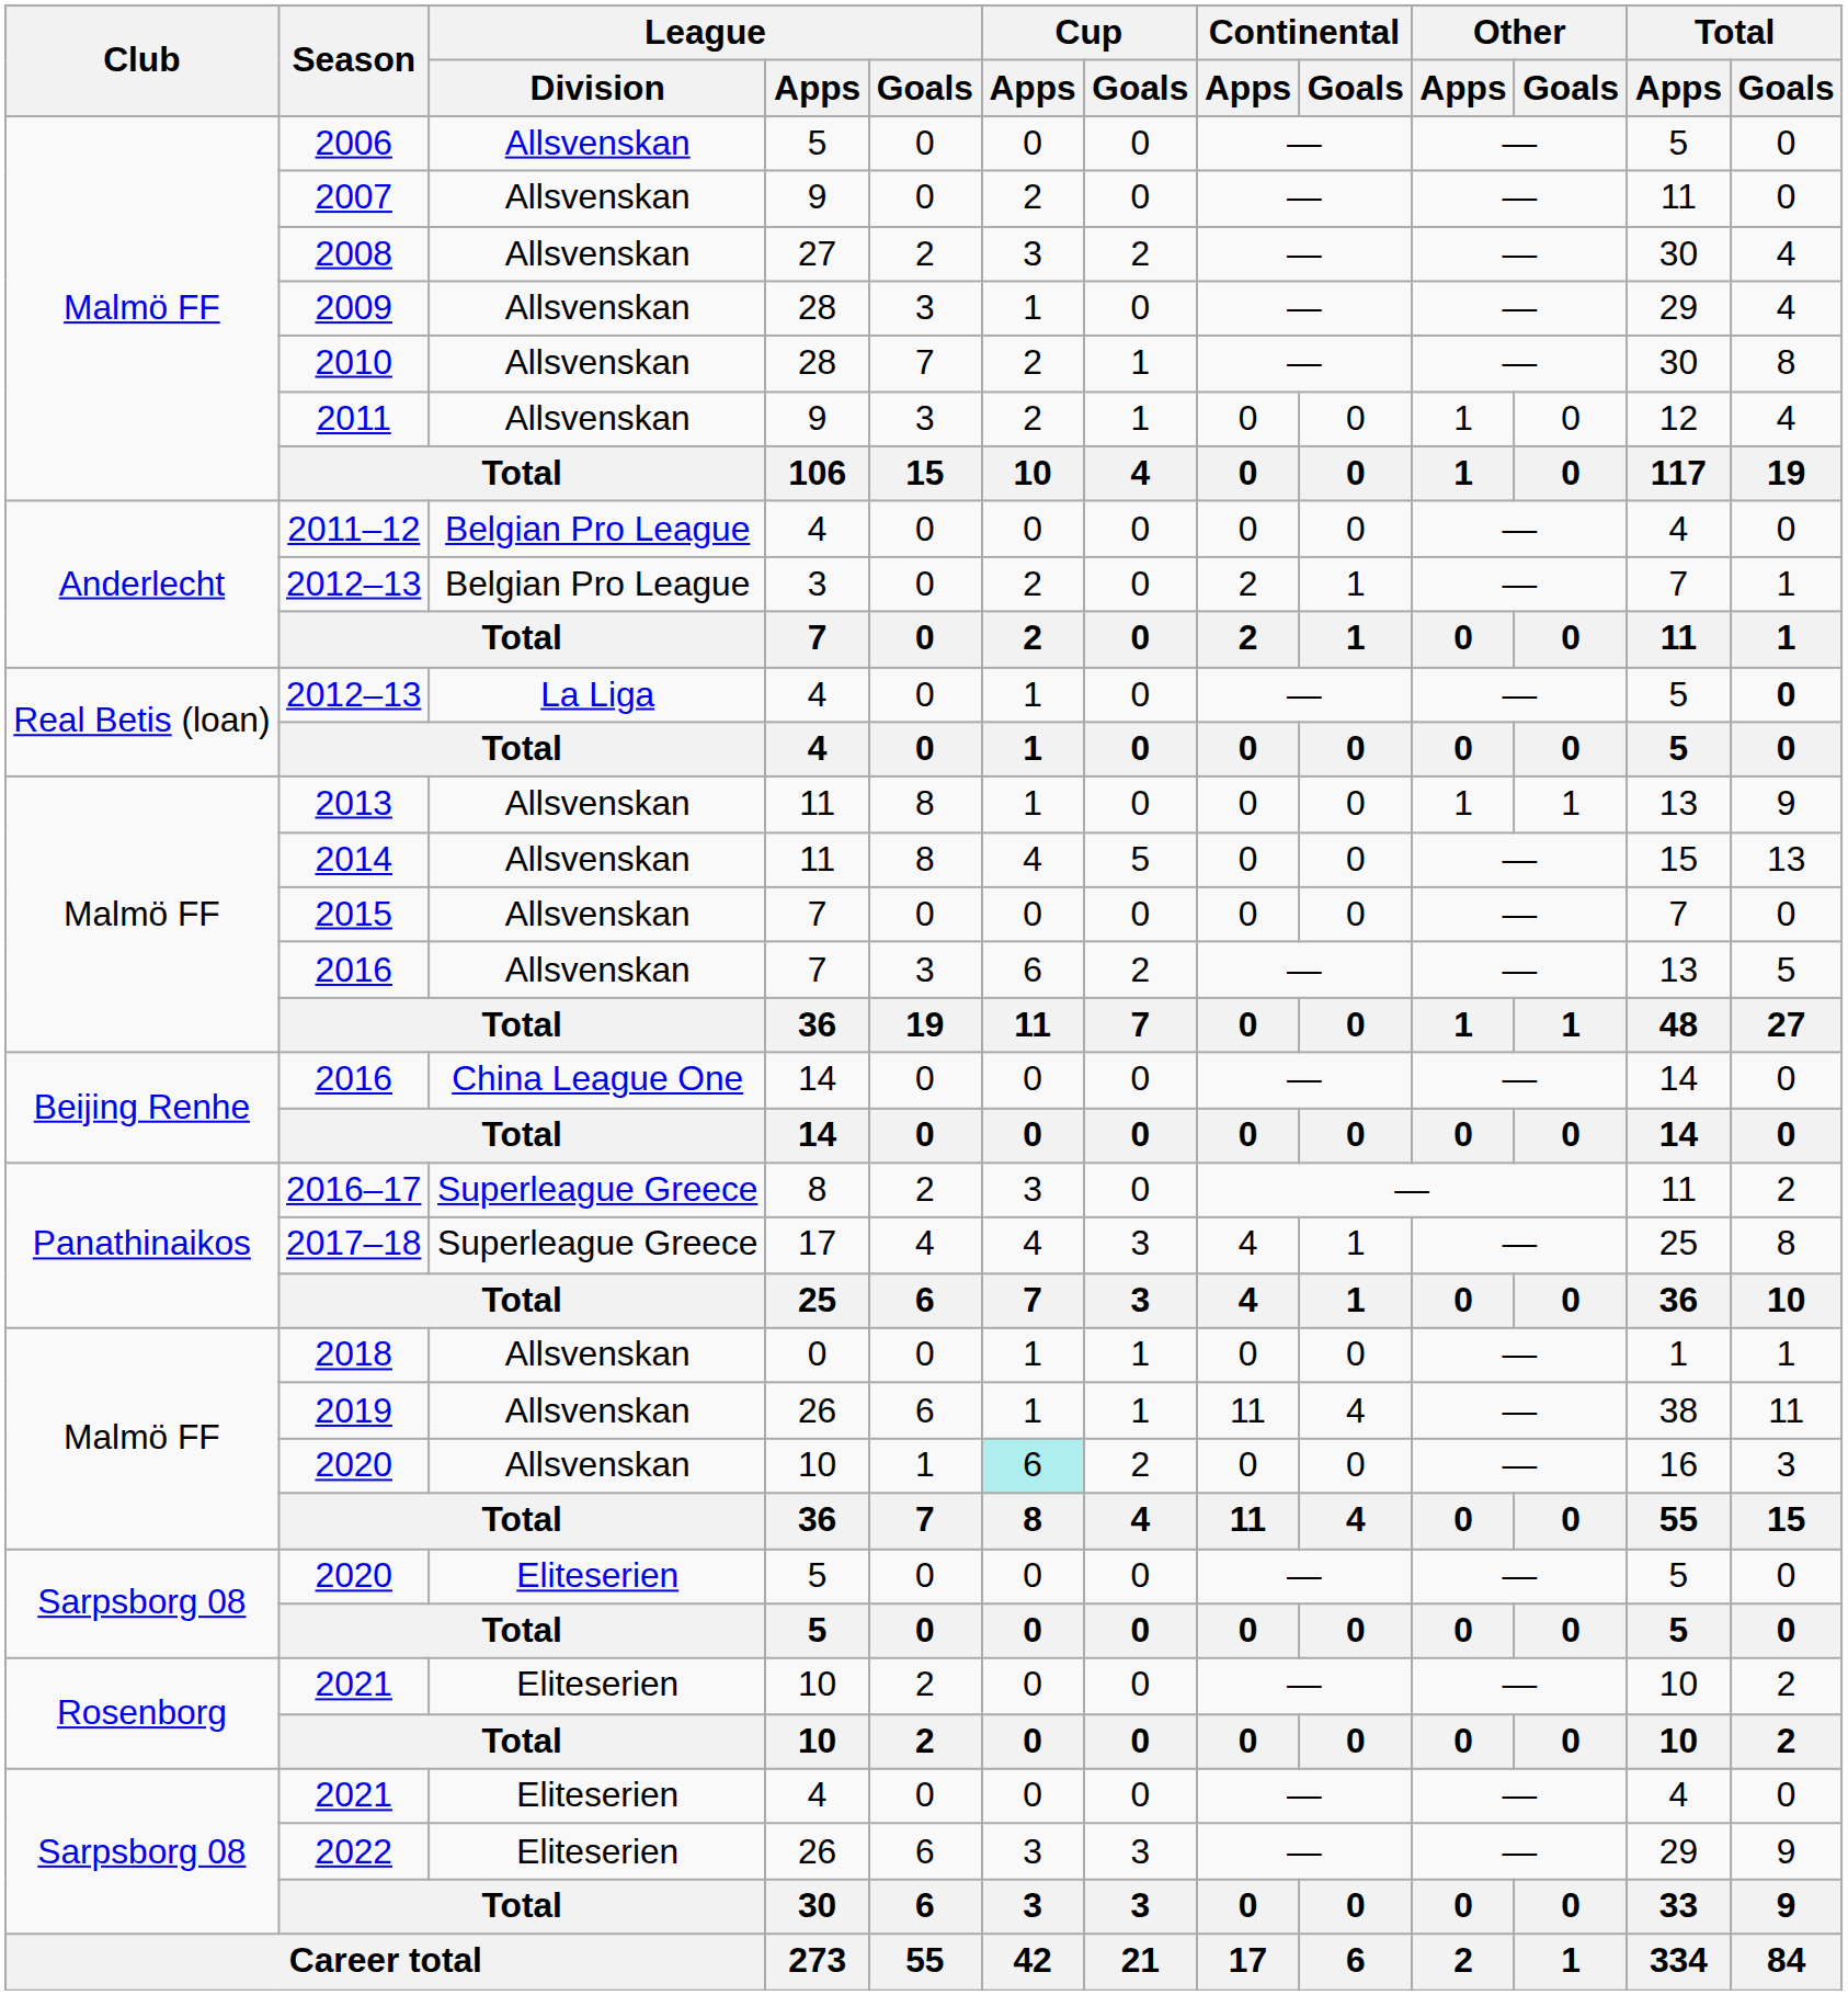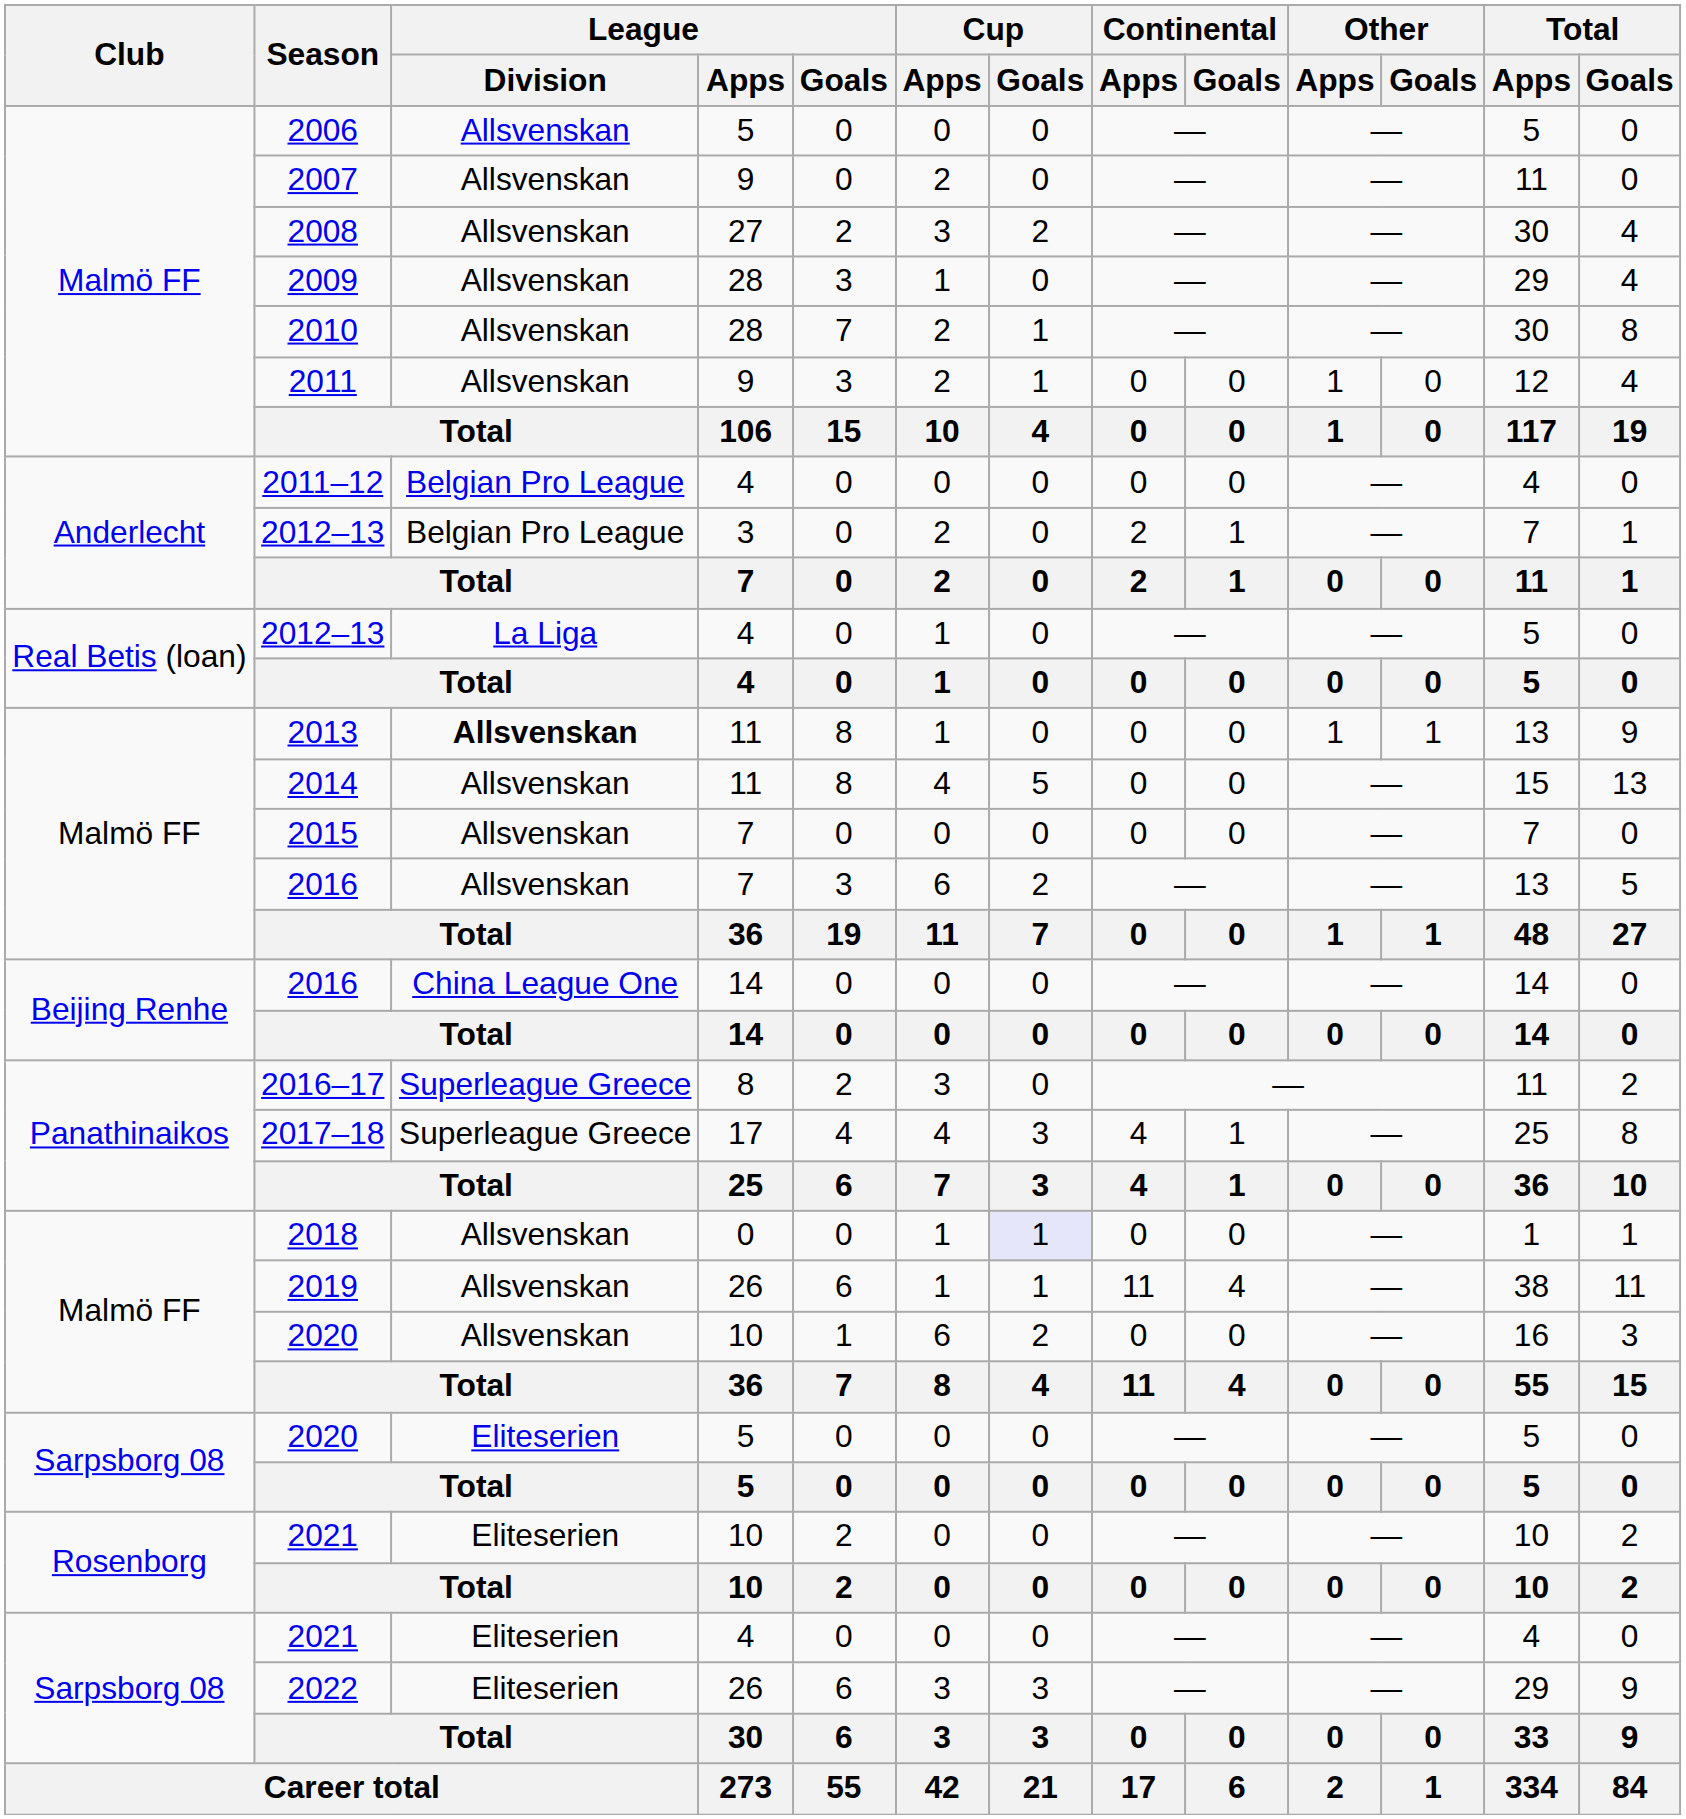 <table class="wikitable" style="text-align:center;">
 <tr>
 <th rowspan="2">Club</th>
 <th rowspan="2">Season</th>
 <th colspan="3">League</th>
 <th colspan="2">Cup</th>
 <th colspan="2">Continental</th>
 <th colspan="2">Other</th>
 <th colspan="2">Total</th>
 </tr>
 <tr>
 <th>Division</th>
 <th>Apps</th>
 <th>Goals</th>
 <th>Apps</th>
 <th>Goals</th>
 <th>Apps</th>
 <th>Goals</th>
 <th>Apps</th>
 <th>Goals</th>
 <th>Apps</th>
 <th>Goals</th>
 </tr>
 <tr>
 <td rowspan="7"><a href='#'>Malmö FF</a></td>
 <td><a href='#'>2006</a></td>
 <td><a href='#'>Allsvenskan</a></td>
 <td>5</td>
 <td>0</td>
 <td>0</td>
 <td>0</td>
 <td colspan="2">—</td>
 <td colspan="2">—</td>
 <td>5</td>
 <td>0</td>
 </tr>
 <tr>
 <td><a href='#'>2007</a></td>
 <td>Allsvenskan</td>
 <td>9</td>
 <td>0</td>
 <td>2</td>
 <td>0</td>
 <td colspan="2">—</td>
 <td colspan="2">—</td>
 <td>11</td>
 <td>0</td>
 </tr>
 <tr>
 <td><a href='#'>2008</a></td>
 <td>Allsvenskan</td>
 <td>27</td>
 <td>2</td>
 <td>3</td>
 <td>2</td>
 <td colspan="2">—</td>
 <td colspan="2">—</td>
 <td>30</td>
 <td>4</td>
 </tr>
 <tr>
 <td><a href='#'>2009</a></td>
 <td>Allsvenskan</td>
 <td>28</td>
 <td>3</td>
 <td>1</td>
 <td>0</td>
 <td colspan="2">—</td>
 <td colspan="2">—</td>
 <td>29</td>
 <td>4</td>
 </tr>
 <tr>
 <td><a href='#'>2010</a></td>
 <td>Allsvenskan</td>
 <td>28</td>
 <td>7</td>
 <td>2</td>
 <td>1</td>
 <td colspan="2">—</td>
 <td colspan="2">—</td>
 <td>30</td>
 <td>8</td>
 </tr>
 <tr>
 <td><a href='#'>2011</a></td>
 <td>Allsvenskan</td>
 <td>9</td>
 <td>3</td>
 <td>2</td>
 <td>1</td>
 <td>0</td>
 <td>0</td>
 <td>1</td>
 <td>0</td>
 <td>12</td>
 <td>4</td>
 </tr>
 <tr>
 <th colspan="2">Total</th>
 <th>106</th>
 <th>15</th>
 <th>10</th>
 <th>4</th>
 <th>0</th>
 <th>0</th>
 <th>1</th>
 <th>0</th>
 <th>117</th>
 <th>19</th>
 </tr>
 <tr>
 <td rowspan="3"><a href='#'>Anderlecht</a></td>
 <td><a href='#'>2011–12</a></td>
 <td><a href='#'>Belgian Pro League</a></td>
 <td>4</td>
 <td>0</td>
 <td>0</td>
 <td>0</td>
 <td>0</td>
 <td>0</td>
 <td colspan="2">—</td>
 <td>4</td>
 <td>0</td>
 </tr>
 <tr>
 <td><a href='#'>2012–13</a></td>
 <td>Belgian Pro League</td>
 <td>3</td>
 <td>0</td>
 <td>2</td>
 <td>0</td>
 <td>2</td>
 <td>1</td>
 <td colspan="2">—</td>
 <td>7</td>
 <td>1</td>
 </tr>
 <tr>
 <th colspan="2">Total</th>
 <th>7</th>
 <th>0</th>
 <th>2</th>
 <th>0</th>
 <th>2</th>
 <th>1</th>
 <th>0</th>
 <th>0</th>
 <th>11</th>
 <th>1</th>
 </tr>
 <tr>
 <td rowspan="2"><a href='#'>Real Betis</a> (loan)</td>
 <td><a href='#'>2012–13</a></td>
 <td rowspan="1"><a href='#'>La Liga</a></td>
 <td>4</td>
 <td>0</td>
 <td>1</td>
 <td>0</td>
 <td colspan="2">—</td>
 <td colspan="2">—</td>
 <td>5</td>
-<td><strong>0</strong></td>
+<td>0</td>
 </tr>
 <tr>
 <th colspan="2">Total</th>
 <th>4</th>
 <th>0</th>
 <th>1</th>
 <th>0</th>
 <th>0</th>
 <th>0</th>
 <th>0</th>
 <th>0</th>
 <th>5</th>
 <th>0</th>
 </tr>
 <tr>
 <td rowspan="5">Malmö FF</td>
 <td><a href='#'>2013</a></td>
-<td>Allsvenskan</td>
+<td><strong>Allsvenskan</strong></td>
 <td>11</td>
 <td>8</td>
 <td>1</td>
 <td>0</td>
 <td>0</td>
 <td>0</td>
 <td>1</td>
 <td>1</td>
 <td>13</td>
 <td>9</td>
 </tr>
 <tr>
 <td><a href='#'>2014</a></td>
 <td>Allsvenskan</td>
 <td>11</td>
 <td>8</td>
 <td>4</td>
 <td>5</td>
 <td>0</td>
 <td>0</td>
 <td colspan="2">—</td>
 <td>15</td>
 <td>13</td>
 </tr>
 <tr>
 <td><a href='#'>2015</a></td>
 <td>Allsvenskan</td>
 <td>7</td>
 <td>0</td>
 <td>0</td>
 <td>0</td>
 <td>0</td>
 <td>0</td>
 <td colspan="2">—</td>
 <td>7</td>
 <td>0</td>
 </tr>
 <tr>
 <td><a href='#'>2016</a></td>
 <td>Allsvenskan</td>
 <td>7</td>
 <td>3</td>
 <td>6</td>
 <td>2</td>
 <td colspan="2">—</td>
 <td colspan="2">—</td>
 <td>13</td>
 <td>5</td>
 </tr>
 <tr>
 <th colspan="2">Total</th>
 <th>36</th>
 <th>19</th>
 <th>11</th>
 <th>7</th>
 <th>0</th>
 <th>0</th>
 <th>1</th>
 <th>1</th>
 <th>48</th>
 <th>27</th>
 </tr>
 <tr>
 <td rowspan="2"><a href='#'>Beijing Renhe</a></td>
 <td><a href='#'>2016</a></td>
 <td rowspan="1"><a href='#'>China League One</a></td>
 <td>14</td>
 <td>0</td>
 <td>0</td>
 <td>0</td>
 <td colspan="2">—</td>
 <td colspan="2">—</td>
 <td>14</td>
 <td>0</td>
 </tr>
 <tr>
 <th colspan="2">Total</th>
 <th>14</th>
 <th>0</th>
 <th>0</th>
 <th>0</th>
 <th>0</th>
 <th>0</th>
 <th>0</th>
 <th>0</th>
 <th>14</th>
 <th>0</th>
 </tr>
 <tr>
 <td rowspan="3"><a href='#'>Panathinaikos</a></td>
 <td><a href='#'>2016–17</a></td>
 <td><a href='#'>Superleague Greece</a></td>
 <td>8</td>
 <td>2</td>
 <td>3</td>
 <td>0</td>
 <td colspan="4">—</td>
 <td>11</td>
 <td>2</td>
 </tr>
 <tr>
 <td><a href='#'>2017–18</a></td>
 <td>Superleague Greece</td>
 <td>17</td>
 <td>4</td>
 <td>4</td>
 <td>3</td>
 <td>4</td>
 <td>1</td>
 <td colspan=2>—</td>
 <td>25</td>
 <td>8</td>
 </tr>
 <tr>
 <th colspan="2">Total</th>
 <th>25</th>
 <th>6</th>
 <th>7</th>
 <th>3</th>
 <th>4</th>
 <th>1</th>
 <th>0</th>
 <th>0</th>
 <th>36</th>
 <th>10</th>
 </tr>
 <tr>
 <td rowspan="4">Malmö FF</td>
 <td><a href='#'>2018</a></td>
 <td>Allsvenskan</td>
 <td>0</td>
 <td>0</td>
 <td>1</td>
-<td>1</td>
+<td style="background: lavender;">1</td>
 <td>0</td>
 <td>0</td>
 <td colspan=2>—</td>
 <td>1</td>
 <td>1</td>
 </tr>
 <tr>
 <td><a href='#'>2019</a></td>
 <td>Allsvenskan</td>
 <td>26</td>
 <td>6</td>
 <td>1</td>
 <td>1</td>
 <td>11</td>
 <td>4</td>
 <td colspan=2>—</td>
 <td>38</td>
 <td>11</td>
 </tr>
 <tr>
 <td><a href='#'>2020</a></td>
 <td>Allsvenskan</td>
 <td>10</td>
 <td>1</td>
-<td style="background: paleturquoise;">6</td>
+<td>6</td>
 <td>2</td>
 <td>0</td>
 <td>0</td>
 <td colspan=2>—</td>
 <td>16</td>
 <td>3</td>
 </tr>
 <tr>
 <th colspan="2">Total</th>
 <th>36</th>
 <th>7</th>
 <th>8</th>
 <th>4</th>
 <th>11</th>
 <th>4</th>
 <th>0</th>
 <th>0</th>
 <th>55</th>
 <th>15</th>
 </tr>
 <tr>
 <td rowspan="2"><a href='#'>Sarpsborg 08</a></td>
 <td><a href='#'>2020</a></td>
 <td rowspan="1"><a href='#'>Eliteserien</a></td>
 <td>5</td>
 <td>0</td>
 <td>0</td>
 <td>0</td>
 <td colspan=2>—</td>
 <td colspan=2>—</td>
 <td>5</td>
 <td>0</td>
 </tr>
 <tr>
 <th colspan="2">Total</th>
 <th>5</th>
 <th>0</th>
 <th>0</th>
 <th>0</th>
 <th>0</th>
 <th>0</th>
 <th>0</th>
 <th>0</th>
 <th>5</th>
 <th>0</th>
 </tr>
 <tr>
 <td rowspan="2"><a href='#'>Rosenborg</a></td>
 <td><a href='#'>2021</a></td>
 <td rowspan="1">Eliteserien</td>
 <td>10</td>
 <td>2</td>
 <td>0</td>
 <td>0</td>
 <td colspan=2>—</td>
 <td colspan=2>—</td>
 <td>10</td>
 <td>2</td>
 </tr>
 <tr>
 <th colspan="2">Total</th>
 <th>10</th>
 <th>2</th>
 <th>0</th>
 <th>0</th>
 <th>0</th>
 <th>0</th>
 <th>0</th>
 <th>0</th>
 <th>10</th>
 <th>2</th>
 </tr>
 <tr>
 <td rowspan="3"><a href='#'>Sarpsborg 08</a></td>
 <td><a href='#'>2021</a></td>
 <td rowspan="1">Eliteserien</td>
 <td>4</td>
 <td>0</td>
 <td>0</td>
 <td>0</td>
 <td colspan=2>—</td>
 <td colspan=2>—</td>
 <td>4</td>
 <td>0</td>
 </tr>
 <tr>
 <td><a href='#'>2022</a></td>
 <td rowspan="1">Eliteserien</td>
 <td>26</td>
 <td>6</td>
 <td>3</td>
 <td>3</td>
 <td colspan=2>—</td>
 <td colspan=2>—</td>
 <td>29</td>
 <td>9</td>
 </tr>
 <tr>
 <th colspan="2">Total</th>
 <th>30</th>
 <th>6</th>
 <th>3</th>
 <th>3</th>
 <th>0</th>
 <th>0</th>
 <th>0</th>
 <th>0</th>
 <th>33</th>
 <th>9</th>
 </tr>
 <tr>
 <th colspan="3">Career total</th>
 <th>273</th>
 <th>55</th>
 <th>42</th>
 <th>21</th>
 <th>17</th>
 <th>6</th>
 <th>2</th>
 <th>1</th>
 <th>334</th>
 <th>84</th>
 </tr>
 </table>
